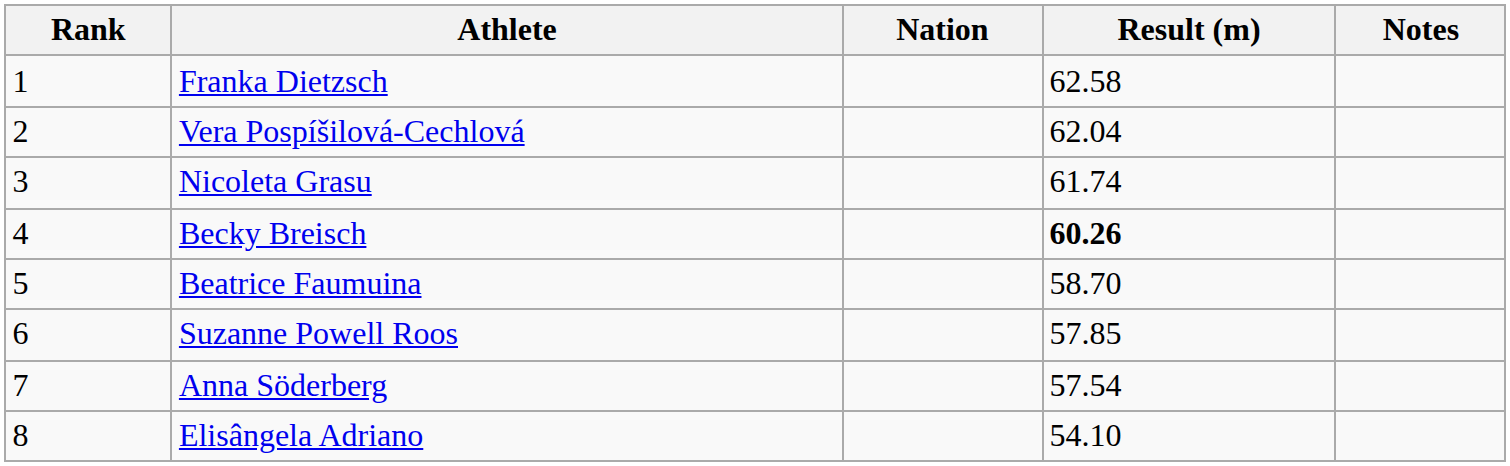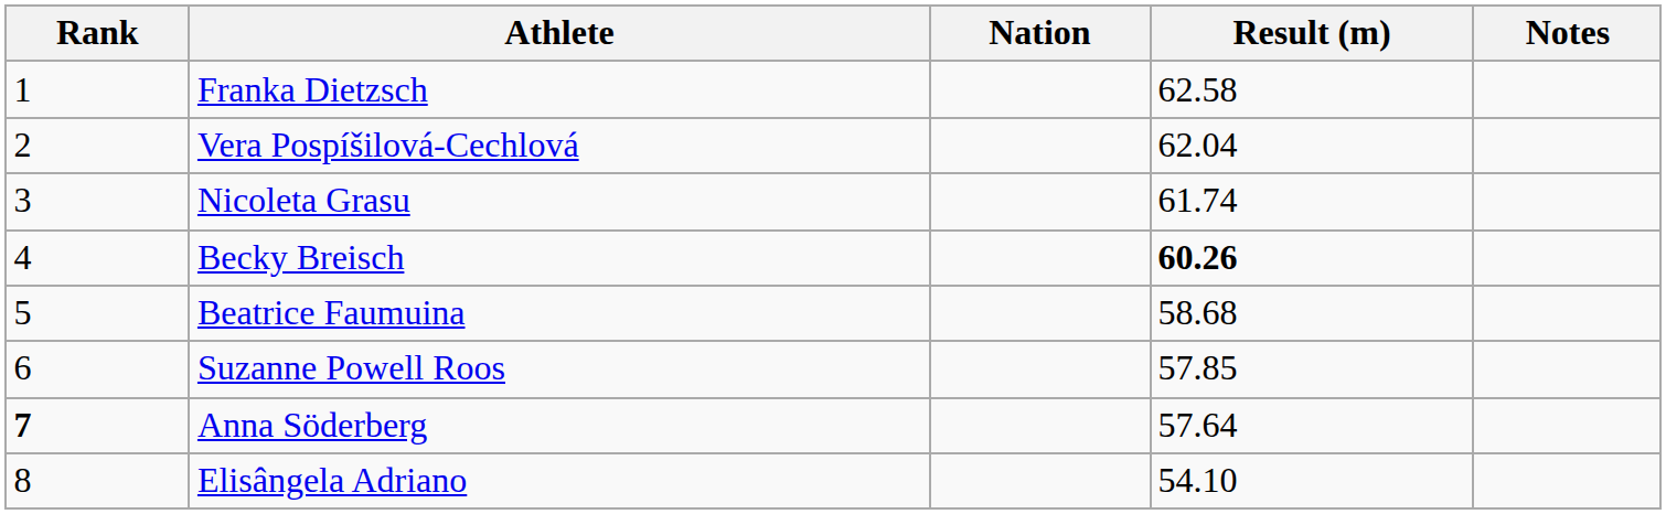 <table class="wikitable" style="text=align:center;" width=85%>
 <tr>
 <th>Rank</th>
 <th>Athlete</th>
 <th>Nation</th>
 <th>Result (m)</th>
 <th>Notes</th>
 </tr>
 <tr>
 <td>1</td>
 <td><a href='#'>Franka Dietzsch</a></td>
 <td></td>
 <td>62.58</td>
 <td></td>
 </tr>
 <tr>
 <td>2</td>
 <td><a href='#'>Vera Pospíšilová-Cechlová</a></td>
 <td></td>
 <td>62.04</td>
 <td></td>
 </tr>
 <tr>
 <td>3</td>
 <td><a href='#'>Nicoleta Grasu</a></td>
 <td></td>
 <td>61.74</td>
 <td></td>
 </tr>
 <tr>
 <td>4</td>
 <td><a href='#'>Becky Breisch</a></td>
 <td></td>
 <td><strong>60.26</strong></td>
 <td></td>
 </tr>
 <tr>
 <td>5</td>
 <td><a href='#'>Beatrice Faumuina</a></td>
 <td></td>
-<td>58.70</td>
+<td>58.68</td>
 <td></td>
 </tr>
 <tr>
 <td>6</td>
 <td><a href='#'>Suzanne Powell Roos</a></td>
 <td></td>
 <td>57.85</td>
 <td></td>
 </tr>
 <tr>
-<td>7</td>
+<td><strong>7</strong></td>
 <td><a href='#'>Anna Söderberg</a></td>
 <td></td>
-<td>57.54</td>
+<td>57.64</td>
 <td></td>
 </tr>
 <tr>
 <td>8</td>
 <td><a href='#'>Elisângela Adriano</a></td>
 <td></td>
 <td>54.10</td>
 <td></td>
 </tr>
 </table>
